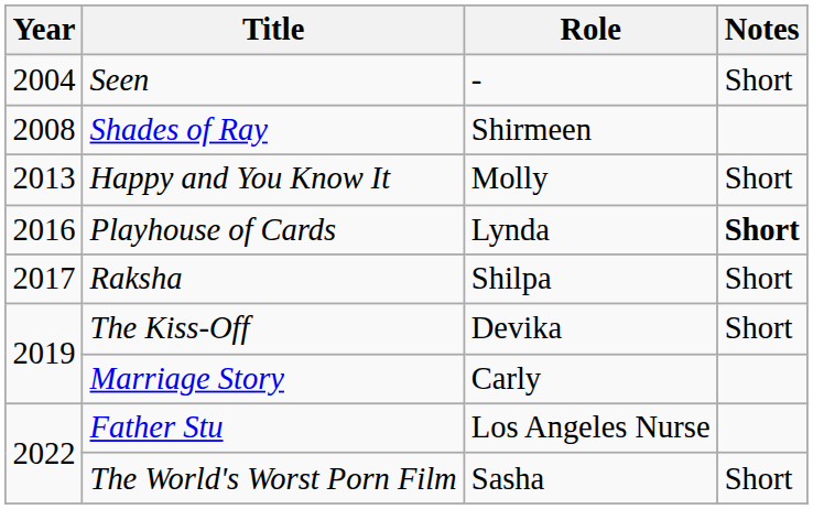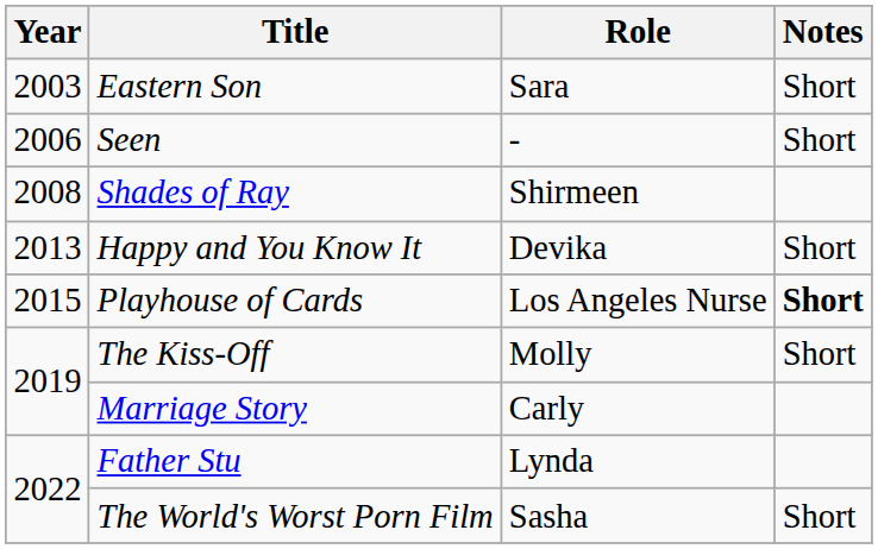 <table class="wikitable plainrowheaders sortable" style="margin–right: 0;">
 <tr>
 <th scope="col">Year</th>
 <th scope="col">Title</th>
 <th scope="col">Role</th>
 <th scope="col" class="unsortable">Notes</th>
 </tr>
 <tr>
-<td>2004</td>
+<td>2003</td>
+<td><em>Eastern Son</em></td>
+<td>Sara</td>
+<td>Short</td>
+</tr>
+<tr>
+<td>2006</td>
 <td><em>Seen</em></td>
 <td>-</td>
 <td>Short</td>
 </tr>
 <tr>
 <td>2008</td>
 <td><em><a href='#'>Shades of Ray</a></em></td>
 <td>Shirmeen</td>
 <td></td>
 </tr>
 <tr>
 <td>2013</td>
 <td><em>Happy and You Know It</em></td>
-<td>Molly</td>
+<td>Devika</td>
 <td>Short</td>
 </tr>
 <tr>
-<td>2016</td>
+<td>2015</td>
 <td><em>Playhouse of Cards</em></td>
-<td>Lynda</td>
+<td>Los Angeles Nurse</td>
 <td><strong>Short</strong></td>
-</tr>
-<tr>
-<td>2017</td>
-<td><em>Raksha</em></td>
-<td>Shilpa</td>
-<td>Short</td>
 </tr>
 <tr>
 <td rowspan=2>2019</td>
 <td><em>The Kiss-Off</em></td>
-<td>Devika</td>
+<td>Molly</td>
 <td>Short</td>
 </tr>
 <tr>
 <td><em><a href='#'>Marriage Story</a></em></td>
 <td>Carly</td>
 <td></td>
 </tr>
 <tr>
 <td rowspan=2>2022</td>
 <td><em><a href='#'>Father Stu</a></em></td>
-<td>Los Angeles Nurse</td>
+<td>Lynda</td>
 <td></td>
 </tr>
 <tr>
 <td><em>The World's Worst Porn Film</em></td>
 <td>Sasha</td>
 <td>Short</td>
 </tr>
 </table>
